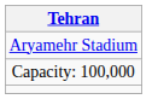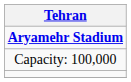 <table class="wikitable" style="text-align:center">
 <tr>
 <th><a href='#'>Tehran</a></th>
 </tr>
 <tr>
-<td><a href='#'>Aryamehr Stadium</a></td>
+<td><strong><a href='#'>Aryamehr Stadium</a></strong></td>
 </tr>
 <tr>
 <td>Capacity: 100,000</td>
 </tr>
 <tr>
 <td></td>
 </tr>
 <tr>
 </tr>
 </table>
